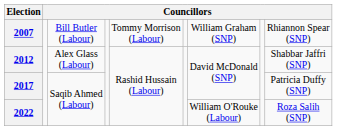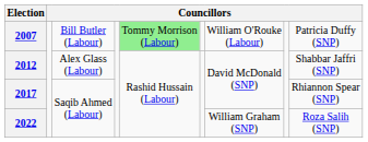 <table class="wikitable" style="text-align:center">
 <tr>
 <th>Election</th>
 <th colspan=8>Councillors</th>
 </tr>
 <tr>
 <th><a href='#'>2007</a></th>
 <td rowspan=4; style="background-color: "></td>
 <td rowspan=1><a href='#'>Bill Butler</a><br>(<a href='#'>Labour</a>)</td>
 <td rowspan=4; style="background-color: "></td>
-<td rowspan=1>Tommy Morrison<br>(<a href='#'>Labour</a>)</td>
+<td rowspan=1 style="background: lightgreen;">Tommy Morrison<br>(<a href='#'>Labour</a>)</td>
 <td rowspan=1; style="background-color: "></td>
-<td rowspan=1>William Graham<br>(<a href='#'>SNP</a>)</td>
+<td rowspan=1>William O'Rouke<br>(<a href='#'>Labour</a>)</td>
 <td rowspan=4; style="background-color: "></td>
-<td rowspan=1>Rhiannon Spear<br>(<a href='#'>SNP</a>)</td>
+<td rowspan=1>Patricia Duffy<br>(<a href='#'>SNP</a>)</td>
 </tr>
 <tr>
 <th><a href='#'>2012</a></th>
 <td rowspan=1>Alex Glass<br>(<a href='#'>Labour</a>)</td>
 <td rowspan=3>Rashid Hussain<br>(<a href='#'>Labour</a>)</td>
 <td rowspan=3; style="background-color: "></td>
 <td rowspan=2>David McDonald<br>(<a href='#'>SNP</a>)</td>
 <td rowspan=1>Shabbar Jaffri<br>(<a href='#'>SNP</a>)</td>
 </tr>
 <tr>
 <th><a href='#'>2017</a></th>
 <td rowspan=2>Saqib Ahmed<br>(<a href='#'>Labour</a>)</td>
-<td rowspan=1>Patricia Duffy<br>(<a href='#'>SNP</a>)</td>
+<td rowspan=1>Rhiannon Spear<br>(<a href='#'>SNP</a>)</td>
 </tr>
 <tr>
 <th><a href='#'>2022</a></th>
-<td rowspan=1>William O'Rouke<br>(<a href='#'>Labour</a>)</td>
+<td rowspan=1>William Graham<br>(<a href='#'>SNP</a>)</td>
 <td rowspan=1><a href='#'>Roza Salih</a><br>(<a href='#'>SNP</a>)</td>
 </tr>
 </table>
